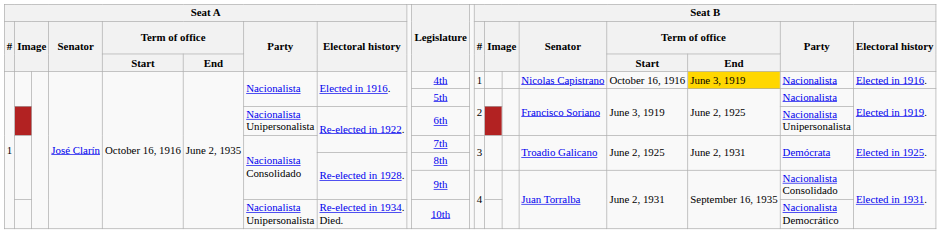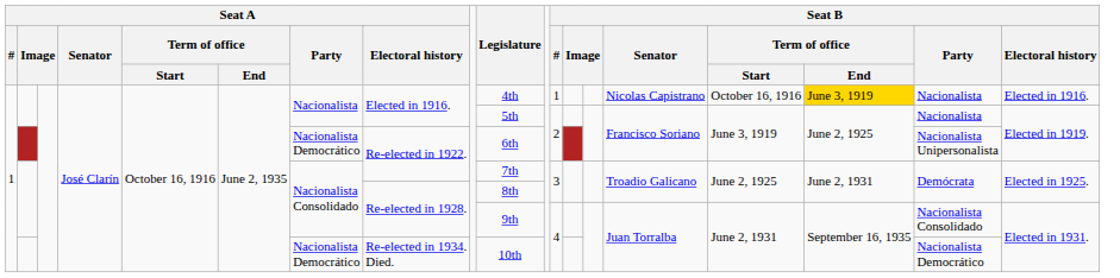 <table class="wikitable">
 <tr>
 <th colspan="8">Seat A</th>
 <td rowspan="99"></td>
 <th rowspan="3">Legislature</th>
 <td rowspan="99"></td>
 <th colspan="8">Seat B</th>
 </tr>
 <tr style="height:3em">
 <th rowspan="2">#</th>
 <th rowspan="2" colspan="2">Image</th>
 <th rowspan="2">Senator</th>
 <th colspan="2">Term of office</th>
 <th rowspan="2">Party</th>
 <th rowspan="2">Electoral history</th>
 <th rowspan="2">#</th>
 <th rowspan="2" colspan="2">Image</th>
 <th rowspan="2">Senator</th>
 <th colspan="2">Term of office</th>
 <th rowspan="2">Party</th>
 <th rowspan="2">Electoral history</th>
 </tr>
 <tr>
 <th>Start</th>
 <th>End</th>
 <th>Start</th>
 <th>End</th>
 </tr>
 <tr>
 <td rowspan="7" style="text-align:center;">1</td>
 <td rowspan="2" style="background:"></td>
 <td rowspan="7"></td>
 <td rowspan="7"><a href='#'>José Clarín</a></td>
 <td rowspan="7">October 16, 1916</td>
 <td rowspan="7">June 2, 1935</td>
 <td rowspan="2"><a href='#'>Nacionalista</a></td>
 <td rowspan="2"><a href='#'>Elected in 1916</a>.</td>
 <td style="text-align:center;"><a href='#'>4th</a></td>
 <td style="text-align:center;">1</td>
 <td style="background:"></td>
 <td></td>
 <td><a href='#'>Nicolas Capistrano</a></td>
 <td>October 16, 1916</td>
 <td style="background: gold;">June 3, 1919</td>
 <td><a href='#'>Nacionalista</a></td>
 <td><a href='#'>Elected in 1916</a>.</td>
 </tr>
 <tr>
 <td style="text-align:center;"><a href='#'>5th</a></td>
 <td rowspan="2" style="text-align:center;">2</td>
 <td style="background:"></td>
 <td rowspan="2"></td>
 <td rowspan="2"><a href='#'>Francisco Soriano</a></td>
 <td rowspan="2">June 3, 1919</td>
 <td rowspan="2">June 2, 1925</td>
 <td><a href='#'>Nacionalista</a></td>
 <td rowspan="2"><a href='#'>Elected in 1919</a>.</td>
 </tr>
 <tr>
 <td style="background-color:#B22222"></td>
-<td><a href='#'>Nacionalista</a><br>Unipersonalista</td>
+<td><a href='#'>Nacionalista</a><br>Democrático</td>
 <td rowspan="2"><a href='#'>Re-elected in 1922</a>.</td>
 <td style="text-align:center;"><a href='#'>6th</a></td>
 <td style="background-color:#B22222"></td>
 <td><a href='#'>Nacionalista</a><br>Unipersonalista</td>
 </tr>
 <tr>
 <td rowspan="3" style="background:"></td>
 <td rowspan="3"><a href='#'>Nacionalista</a><br>Consolidado</td>
 <td style="text-align:center;"><a href='#'>7th</a></td>
 <td rowspan="2" style="text-align:center;">3</td>
 <td rowspan="2" style="background:"></td>
 <td rowspan="2"></td>
 <td rowspan="2"><a href='#'>Troadio Galicano</a></td>
 <td rowspan="2">June 2, 1925</td>
 <td rowspan="2">June 2, 1931</td>
 <td rowspan="2"><a href='#'>Demócrata</a></td>
 <td rowspan="2"><a href='#'>Elected in 1925</a>.</td>
 </tr>
 <tr>
 <td rowspan="2"><a href='#'>Re-elected in 1928</a>.</td>
 <td style="text-align:center;"><a href='#'>8th</a></td>
 </tr>
 <tr>
 <td style="text-align:center;"><a href='#'>9th</a></td>
 <td rowspan="2" style="text-align:center;">4</td>
 <td style="background:"></td>
 <td rowspan="2"></td>
 <td rowspan="2"><a href='#'>Juan Torralba</a></td>
 <td rowspan="2">June 2, 1931</td>
 <td rowspan="2">September 16, 1935</td>
 <td><a href='#'>Nacionalista</a><br>Consolidado</td>
 <td rowspan="2"><a href='#'>Elected in 1931</a>.</td>
 </tr>
 <tr>
 <td style="background:"></td>
-<td><a href='#'>Nacionalista</a><br>Unipersonalista</td>
+<td><a href='#'>Nacionalista</a><br>Democrático</td>
 <td><a href='#'>Re-elected in 1934</a>.<br>Died.</td>
 <td style="text-align:center;"><a href='#'>10th</a></td>
 <td style="background:"></td>
 <td><a href='#'>Nacionalista</a><br>Democrático</td>
 </tr>
 </table>
